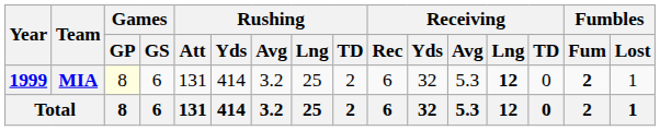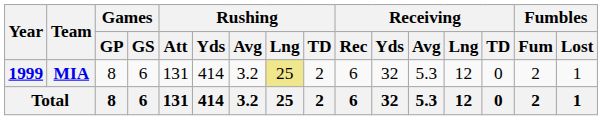 <table class=wikitable style="text-align:center;">
 <tr>
 <th rowspan=2>Year</th>
 <th rowspan=2>Team</th>
 <th colspan=2>Games</th>
 <th colspan=5>Rushing</th>
 <th colspan=5>Receiving</th>
 <th colspan=2>Fumbles</th>
 </tr>
 <tr>
 <th>GP</th>
 <th>GS</th>
 <th>Att</th>
 <th>Yds</th>
 <th>Avg</th>
 <th>Lng</th>
 <th>TD</th>
 <th>Rec</th>
 <th>Yds</th>
 <th>Avg</th>
 <th>Lng</th>
 <th>TD</th>
 <th>Fum</th>
 <th>Lost</th>
 </tr>
 <tr>
 <th><a href='#'>1999</a></th>
 <th><a href='#'>MIA</a></th>
-<td style="background: lightyellow;">8</td>
+<td>8</td>
 <td>6</td>
 <td>131</td>
 <td>414</td>
 <td>3.2</td>
-<td>25</td>
+<td style="background: khaki;">25</td>
 <td>2</td>
 <td>6</td>
 <td>32</td>
 <td>5.3</td>
-<td><strong>12</strong></td>
+<td>12</td>
 <td>0</td>
-<td><strong>2</strong></td>
+<td>2</td>
 <td>1</td>
 </tr>
 <tr>
 <th colspan="2">Total</th>
 <th>8</th>
 <th>6</th>
 <th>131</th>
 <th>414</th>
 <th>3.2</th>
 <th>25</th>
 <th>2</th>
 <th>6</th>
 <th>32</th>
 <th>5.3</th>
 <th>12</th>
 <th>0</th>
 <th>2</th>
 <th>1</th>
 </tr>
 </table>
